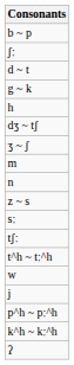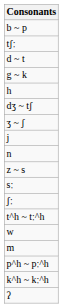 <table class="wikitable">
 <tr>
 <th>Consonants</th>
 </tr>
 <tr>
 <td>b ~ p</td>
 </tr>
 <tr>
-<td>ʃː</td>
+<td>tʃː</td>
 </tr>
 <tr>
 <td>d ~ t</td>
 </tr>
 <tr>
 <td>g ~ k</td>
 </tr>
 <tr>
 <td>h</td>
 </tr>
 <tr>
 <td>dʒ ~ tʃ</td>
 </tr>
 <tr>
 <td>ʒ ~ ʃ</td>
 </tr>
 <tr>
-<td>m</td>
+<td>j</td>
 </tr>
 <tr>
 <td>n</td>
 </tr>
 <tr>
 <td>z ~ s</td>
 </tr>
 <tr>
 <td>sː</td>
 </tr>
 <tr>
-<td>tʃː</td>
+<td>ʃː</td>
 </tr>
 <tr>
 <td>t^h ~ tː^h</td>
 </tr>
 <tr>
 <td>w</td>
 </tr>
 <tr>
-<td>j</td>
+<td>m</td>
 </tr>
 <tr>
 <td>p^h ~ pː^h</td>
 </tr>
 <tr>
 <td>k^h ~ kː^h</td>
 </tr>
 <tr>
 <td>ʔ</td>
 </tr>
 </table>
